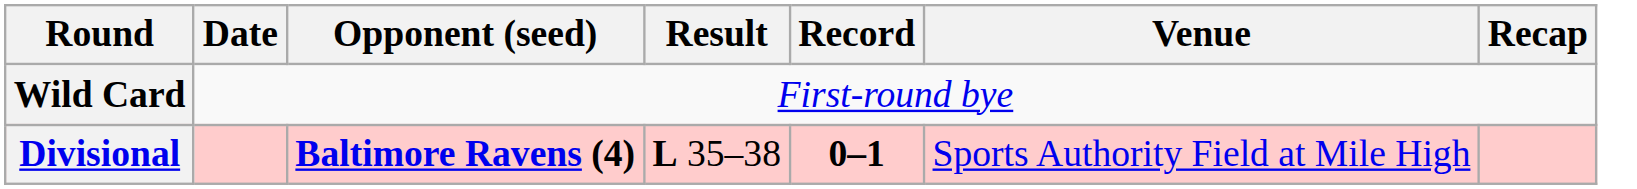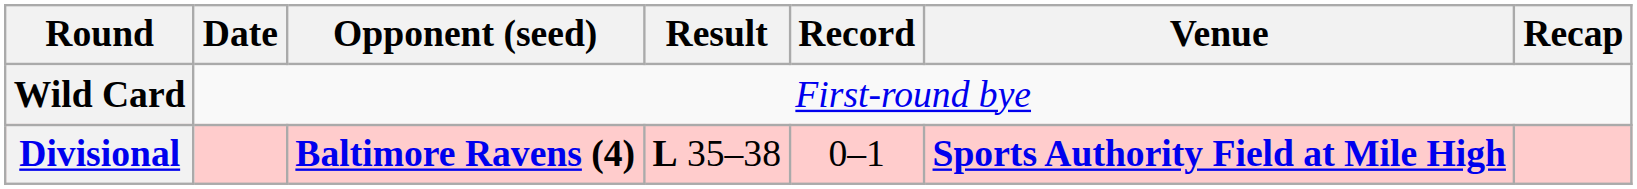 <table class="wikitable" style="text-align:center">
 <tr>
 <th>Round</th>
 <th>Date</th>
 <th>Opponent (seed)</th>
 <th>Result</th>
 <th>Record</th>
 <th>Venue</th>
 <th>Recap</th>
 </tr>
 <tr>
 <th>Wild Card</th>
 <td colspan="6"><em><a href='#'>First-round bye</a></em></td>
 </tr>
 <tr style="background:#fcc">
 <th><a href='#'>Divisional</a></th>
 <td></td>
 <td><strong><a href='#'>Baltimore Ravens</a> (4)</strong></td>
 <td><strong>L</strong> 35–38 </td>
-<td><strong>0–1</strong></td>
-<td><a href='#'>Sports Authority Field at Mile High</a></td>
+<td>0–1</td>
+<td><strong><a href='#'>Sports Authority Field at Mile High</a></strong></td>
 <td></td>
 </tr>
 </table>
